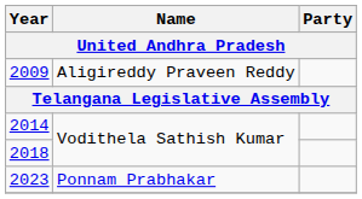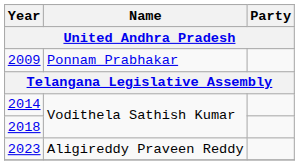 <table class="wikitable sorable">
 <tr>
 <th>Year</th>
 <th>Name</th>
 <th colspan=2>Party</th>
 </tr>
 <tr>
 <th colspan=4><a href='#'>United Andhra Pradesh</a></th>
 </tr>
 <tr>
 <td><a href='#'>2009</a></td>
-<td>Aligireddy Praveen Reddy</td>
+<td><a href='#'>Ponnam Prabhakar</a></td>
 <td></td>
 </tr>
 <tr>
 <th colspan=4><a href='#'>Telangana Legislative Assembly</a></th>
 </tr>
 <tr>
 <td><a href='#'>2014</a></td>
 <td rowspan=2>Vodithela Sathish Kumar</td>
 <td></td>
 </tr>
 <tr>
 <td><a href='#'>2018</a></td>
 </tr>
 <tr>
 <td><a href='#'>2023</a></td>
-<td><a href='#'>Ponnam Prabhakar</a></td>
+<td>Aligireddy Praveen Reddy</td>
 <td></td>
 </tr>
 <tr>
 </tr>
 </table>
